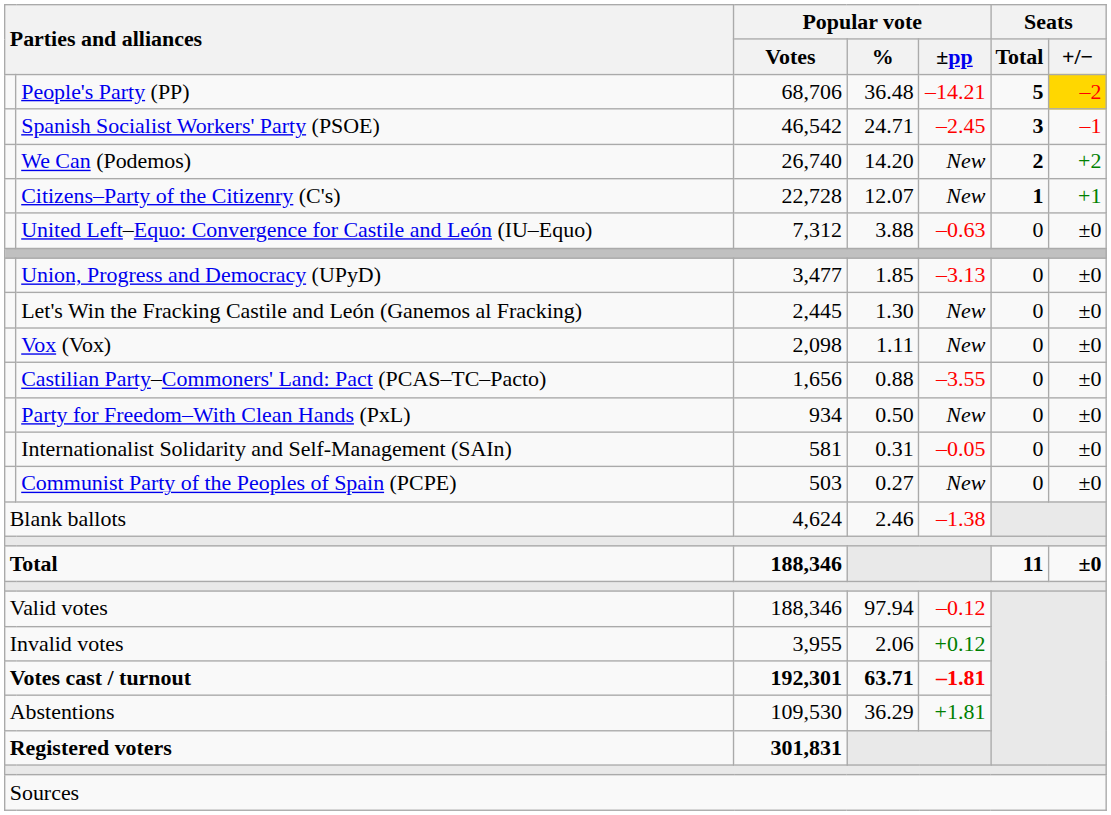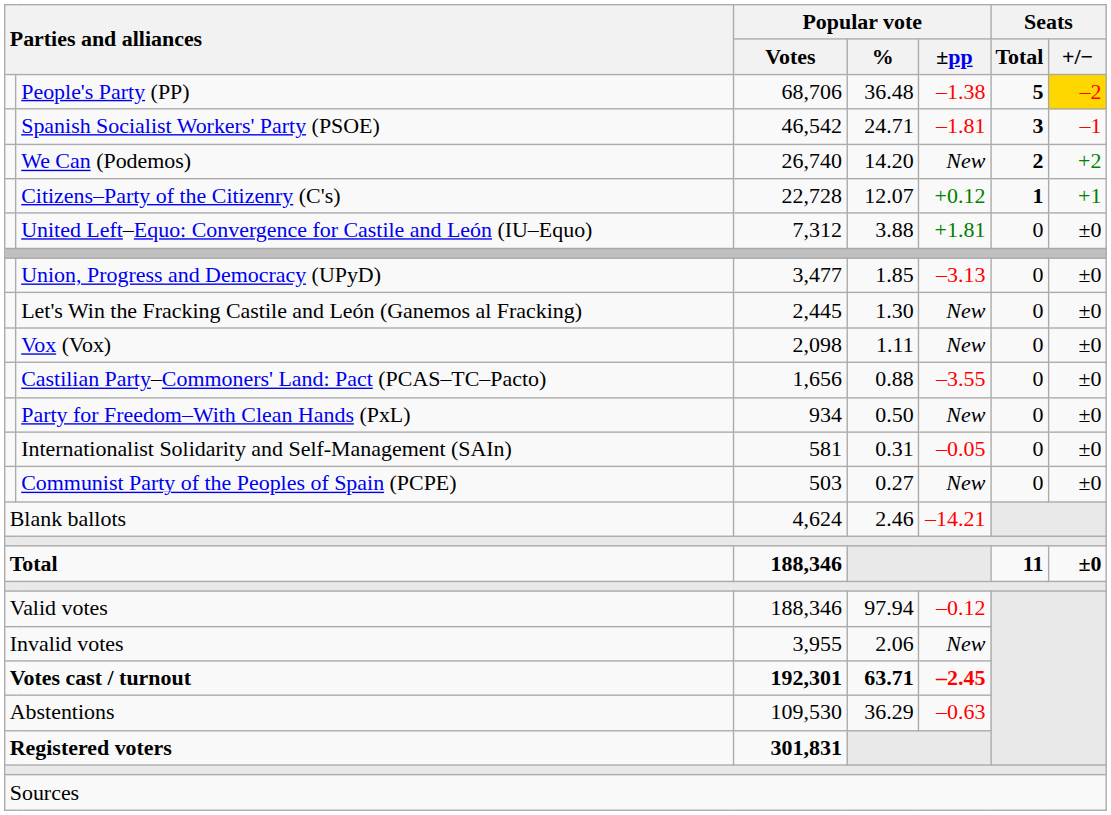 <table class="wikitable" style="text-align:right;">
 <tr>
 <th style="text-align:left;" rowspan="2" colspan="2" width="525">Parties and alliances</th>
 <th colspan="3">Popular vote</th>
 <th colspan="2">Seats</th>
 </tr>
 <tr>
 <th width="75">Votes</th>
 <th width="45">%</th>
 <th width="45">±<a href='#'>pp</a></th>
 <th width="35">Total</th>
 <th width="35">+/−</th>
 </tr>
 <tr>
 <td width="1" style="color:inherit;background:"></td>
 <td align="left"><a href='#'>People's Party</a> (PP)</td>
 <td>68,706</td>
 <td>36.48</td>
-<td style="color:red;">–14.21</td>
+<td style="color:red;">–1.38</td>
 <td><strong>5</strong></td>
 <td style="background: gold; color:red;">–2</td>
 </tr>
 <tr>
 <td style="color:inherit;background:"></td>
 <td align="left"><a href='#'>Spanish Socialist Workers' Party</a> (PSOE)</td>
 <td>46,542</td>
 <td>24.71</td>
-<td style="color:red;">–2.45</td>
+<td style="color:red;">–1.81</td>
 <td><strong>3</strong></td>
 <td style="color:red;">–1</td>
 </tr>
 <tr>
 <td style="color:inherit;background:"></td>
 <td align="left"><a href='#'>We Can</a> (Podemos)</td>
 <td>26,740</td>
 <td>14.20</td>
 <td><em>New</em></td>
 <td><strong>2</strong></td>
 <td style="color:green;">+2</td>
 </tr>
 <tr>
 <td style="color:inherit;background:"></td>
 <td align="left"><a href='#'>Citizens–Party of the Citizenry</a> (C's)</td>
 <td>22,728</td>
 <td>12.07</td>
-<td><em>New</em></td>
+<td style="color:green;">+0.12</td>
 <td><strong>1</strong></td>
 <td style="color:green;">+1</td>
 </tr>
 <tr>
 <td style="color:inherit;background:"></td>
 <td align="left"><a href='#'>United Left</a>–<a href='#'>Equo: Convergence for Castile and León</a> (IU–Equo)</td>
 <td>7,312</td>
 <td>3.88</td>
-<td style="color:red;">–0.63</td>
+<td style="color:green;">+1.81</td>
 <td>0</td>
 <td>±0</td>
 </tr>
 <tr>
 <td colspan="7" bgcolor="#C0C0C0"></td>
 </tr>
 <tr>
 <td style="color:inherit;background:"></td>
 <td align="left"><a href='#'>Union, Progress and Democracy</a> (UPyD)</td>
 <td>3,477</td>
 <td>1.85</td>
 <td style="color:red;">–3.13</td>
 <td>0</td>
 <td>±0</td>
 </tr>
 <tr>
 <td style="color:inherit;background:"></td>
 <td align="left">Let's Win the Fracking Castile and León (Ganemos al Fracking)</td>
 <td>2,445</td>
 <td>1.30</td>
 <td><em>New</em></td>
 <td>0</td>
 <td>±0</td>
 </tr>
 <tr>
 <td style="color:inherit;background:"></td>
 <td align="left"><a href='#'>Vox</a> (Vox)</td>
 <td>2,098</td>
 <td>1.11</td>
 <td><em>New</em></td>
 <td>0</td>
 <td>±0</td>
 </tr>
 <tr>
 <td style="color:inherit;background:"></td>
 <td align="left"><a href='#'>Castilian Party</a>–<a href='#'>Commoners' Land: Pact</a> (PCAS–TC–Pacto)</td>
 <td>1,656</td>
 <td>0.88</td>
 <td style="color:red;">–3.55</td>
 <td>0</td>
 <td>±0</td>
 </tr>
 <tr>
 <td style="color:inherit;background:"></td>
 <td align="left"><a href='#'>Party for Freedom–With Clean Hands</a> (PxL)</td>
 <td>934</td>
 <td>0.50</td>
 <td><em>New</em></td>
 <td>0</td>
 <td>±0</td>
 </tr>
 <tr>
 <td style="color:inherit;background:"></td>
 <td align="left">Internationalist Solidarity and Self-Management (SAIn)</td>
 <td>581</td>
 <td>0.31</td>
 <td style="color:red;">–0.05</td>
 <td>0</td>
 <td>±0</td>
 </tr>
 <tr>
 <td style="color:inherit;background:"></td>
 <td align="left"><a href='#'>Communist Party of the Peoples of Spain</a> (PCPE)</td>
 <td>503</td>
 <td>0.27</td>
 <td><em>New</em></td>
 <td>0</td>
 <td>±0</td>
 </tr>
 <tr>
 <td align="left" colspan="2">Blank ballots</td>
 <td>4,624</td>
 <td>2.46</td>
-<td style="color:red;">–1.38</td>
+<td style="color:red;">–14.21</td>
 <td bgcolor="#E9E9E9" colspan="2"></td>
 </tr>
 <tr>
 <td colspan="7" bgcolor="#E9E9E9"></td>
 </tr>
 <tr style="font-weight:bold;">
 <td align="left" colspan="2">Total</td>
 <td>188,346</td>
 <td bgcolor="#E9E9E9" colspan="2"></td>
 <td>11</td>
 <td>±0</td>
 </tr>
 <tr>
 <td colspan="7" bgcolor="#E9E9E9"></td>
 </tr>
 <tr>
 <td align="left" colspan="2">Valid votes</td>
 <td>188,346</td>
 <td>97.94</td>
 <td style="color:red;">–0.12</td>
 <td bgcolor="#E9E9E9" colspan="2" rowspan="5"></td>
 </tr>
 <tr>
 <td align="left" colspan="2">Invalid votes</td>
 <td>3,955</td>
 <td>2.06</td>
-<td style="color:green;">+0.12</td>
+<td><em>New</em></td>
 </tr>
 <tr style="font-weight:bold;">
 <td align="left" colspan="2">Votes cast / turnout</td>
 <td>192,301</td>
 <td>63.71</td>
-<td style="color:red;">–1.81</td>
+<td style="color:red;">–2.45</td>
 </tr>
 <tr>
 <td align="left" colspan="2">Abstentions</td>
 <td>109,530</td>
 <td>36.29</td>
-<td style="color:green;">+1.81</td>
+<td style="color:red;">–0.63</td>
 </tr>
 <tr style="font-weight:bold;">
 <td align="left" colspan="2">Registered voters</td>
 <td>301,831</td>
 <td bgcolor="#E9E9E9" colspan="2"></td>
 </tr>
 <tr>
 <td colspan="7" bgcolor="#E9E9E9"></td>
 </tr>
 <tr>
 <td align="left" colspan="7">Sources</td>
 </tr>
 </table>
